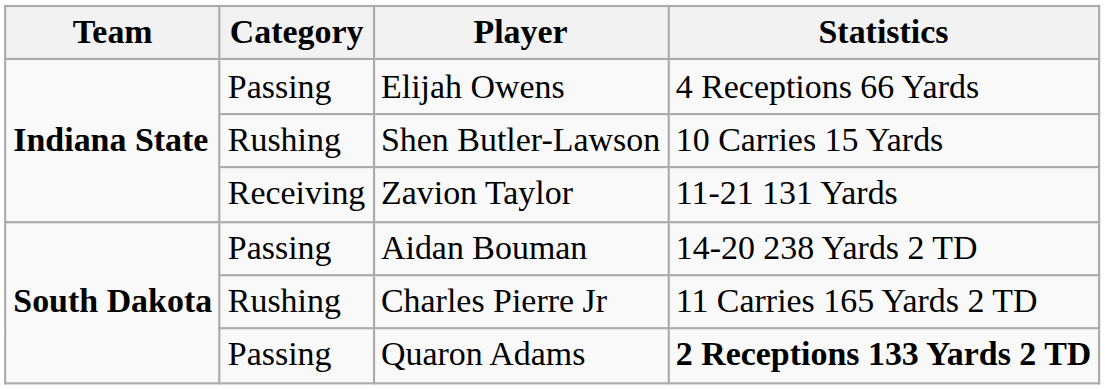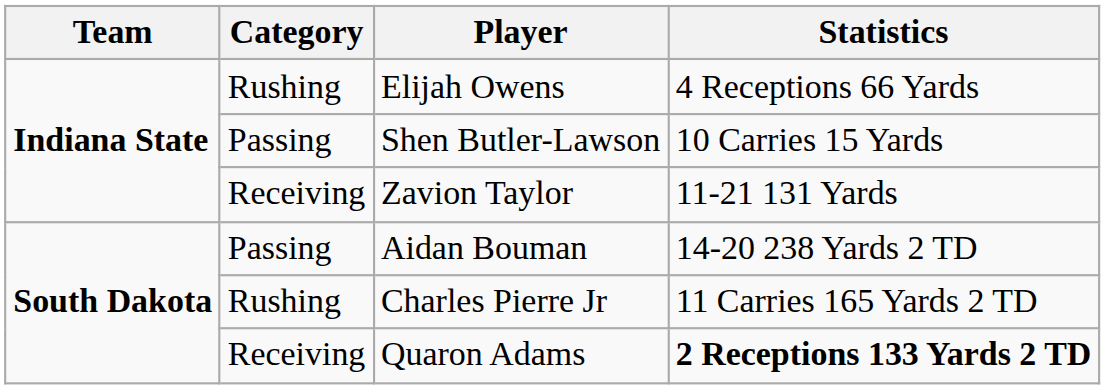 <table class="wikitable" style="float: right;">
 <tr>
 <th>Team</th>
 <th>Category</th>
 <th>Player</th>
 <th>Statistics</th>
 </tr>
 <tr>
 <td rowspan=3><strong>Indiana State</strong></td>
-<td>Passing</td>
+<td>Rushing</td>
 <td>Elijah Owens</td>
 <td>4 Receptions 66 Yards</td>
 </tr>
 <tr>
-<td>Rushing</td>
+<td>Passing</td>
 <td>Shen Butler-Lawson</td>
 <td>10 Carries 15 Yards</td>
 </tr>
 <tr>
 <td>Receiving</td>
 <td>Zavion Taylor</td>
 <td>11-21 131 Yards</td>
 </tr>
 <tr>
 <td rowspan=3><strong>South Dakota</strong></td>
 <td>Passing</td>
 <td>Aidan Bouman</td>
 <td>14-20 238 Yards 2 TD</td>
 </tr>
 <tr>
 <td>Rushing</td>
 <td>Charles Pierre Jr</td>
 <td>11 Carries 165 Yards 2 TD</td>
 </tr>
 <tr>
-<td>Passing</td>
+<td>Receiving</td>
 <td>Quaron Adams</td>
 <td><strong>2 Receptions 133 Yards 2 TD</strong></td>
 </tr>
 </table>
